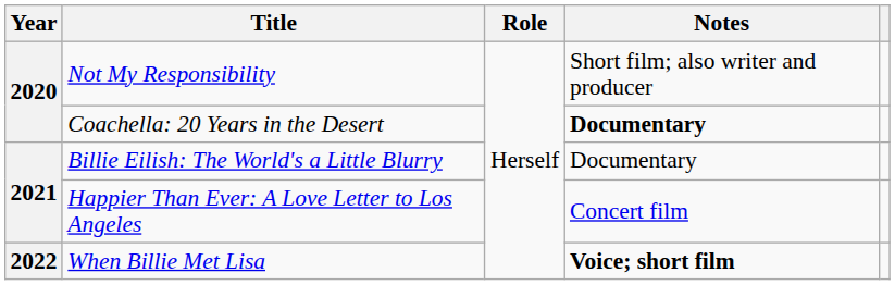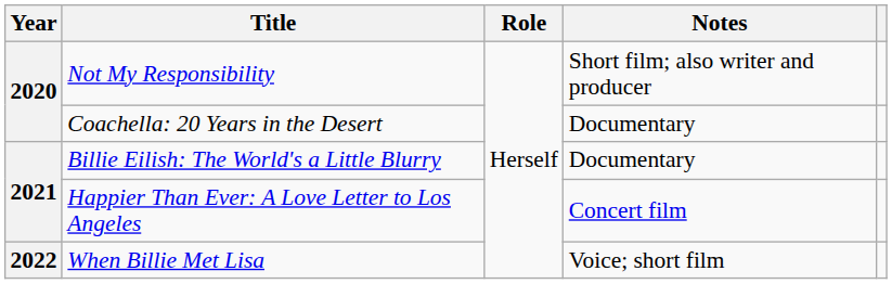 <table class="wikitable sortable plainrowheaders">
 <tr>
 <th scope="col">Year</th>
 <th scope="col">Title</th>
 <th scope="col">Role</th>
 <th scope="col" class="unsortable">Notes</th>
 <th scope="col" class="unsortable"></th>
 </tr>
 <tr>
 <th scope="row" rowspan="2">2020</th>
 <td scope="row"><em><a href='#'>Not My Responsibility</a></em></td>
 <td rowspan="5">Herself</td>
 <td>Short film; also writer and producer</td>
 <td style="text-align:center;"></td>
 </tr>
 <tr>
 <td scope="row"><em>Coachella: 20 Years in the Desert</em></td>
-<td><strong>Documentary</strong></td>
+<td>Documentary</td>
 <td style="text-align:center;"></td>
 </tr>
 <tr>
 <th rowspan="2" scope="row">2021</th>
 <td scope="row"><em><a href='#'>Billie Eilish: The World's a Little Blurry</a></em></td>
 <td>Documentary</td>
 <td style="text-align:center;"></td>
 </tr>
 <tr>
 <td><em><a href='#'>Happier Than Ever: A Love Letter to Los Angeles</a></em></td>
 <td><a href='#'>Concert film</a></td>
 <td></td>
 </tr>
 <tr>
 <th scope="row">2022</th>
 <td scope="row"><em><a href='#'>When Billie Met Lisa</a></em></td>
-<td><strong>Voice; short film</strong></td>
+<td>Voice; short film</td>
 <td style="text-align:center;"></td>
 </tr>
 </table>
